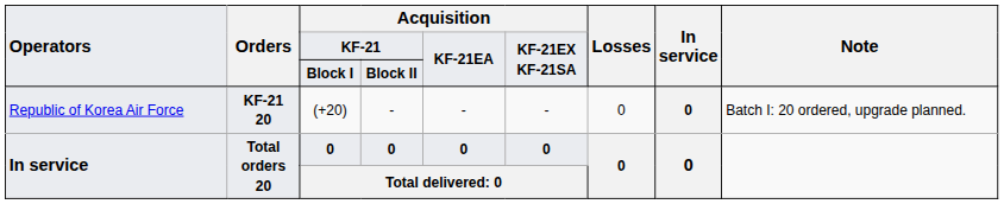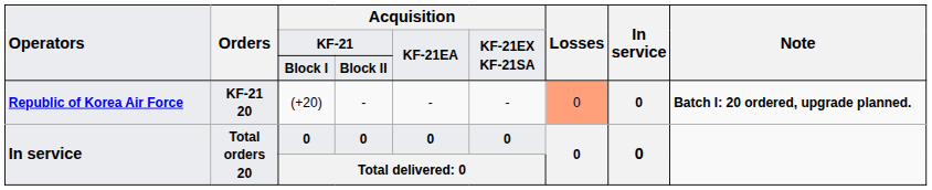 <table class="wikitable">
 <tr>
 <td rowspan="3" style="background:#EAECF0;width: 200px;border-left:solid 1px ;border-top:solid 1px ;border-bottom:solid 1px"><strong>Operators</strong></td>
 <th rowspan="3" style="width: 60px;border-right:solid 1px ;border-top:solid 1px ;border-bottom:solid 1px ">Orders</th>
 <th colspan="4" style="border-right:solid 1px ;border-top:solid 1px ">Acquisition</th>
 <th rowspan="3" style="width: 50px; border-right:solid 1px ;border-left:solid 1px ;border-top:solid 1px ;border-bottom:solid 1px ">Losses</th>
 <th rowspan="3" style="width: 50px; border-right:solid 1px ;border-top:solid 1px ;border-bottom:solid 1px ">In service</th>
 <th rowspan="3" style="width: 250px; border-right:solid 1px ;border-top:solid 1px ;border-bottom:solid 1px ">Note</th>
 </tr>
 <tr>
 <td ! colspan="2" align="center" style="width: 100px; background:#EAECF0;border-bottom:solid 1px"><strong><small>KF-21</small></strong></td>
 <td ! rowspan="2" align="center" style="width: 70px; background:#EAECF0;border-bottom:solid 1px"><strong><small>KF-21EA</small></strong></td>
 <td ! rowspan="2" align="center" style="width: 70px; background:#EAECF0;border-bottom:solid 1px"><strong><small>KF-21EX<br>KF-21SA</small></strong></td>
 </tr>
 <tr>
 <td align="center" style="width: 50px; background:#EAECF0;border-bottom:solid 1px"><strong><small>Block I</small></strong></td>
 <td align="center" style="width: 50px; background:#EAECF0;border-bottom:solid 1px"><strong><small>Block II</small></strong></td>
 </tr>
 <tr>
-<td style="background:#EAECF0;border-left:solid 1px "><small> <a href='#'>Republic of Korea Air Force</a></small></td>
+<td style="background:#EAECF0;border-left:solid 1px "><strong><small> <a href='#'>Republic of Korea Air Force</a></small></strong></td>
 <td align="center" style="background:#EAECF0;border-right:solid 1px "><strong><small>KF-21<br>20</small></strong></td>
 <td align="center"><small>(+20)</small></td>
 <td align="center"><small>-</small></td>
 <td align="center"><small>-</small></td>
 <td align="center"><small>-</small></td>
-<td align="center" style="border-left: solid 1px ;border-right: solid 1px "><small>0</small></td>
+<td align="center" style="background: lightsalmon; border-left: solid 1px ;border-right: solid 1px "><small>0</small></td>
 <th align="center" style="border-right:solid 1px "><small>0</small></th>
-<td style="border-right:solid 1px "><small>Batch I: 20 ordered, upgrade planned.</small></td>
+<td style="border-right:solid 1px "><strong><small>Batch I: 20 ordered, upgrade planned.</small></strong></td>
 </tr>
 <tr>
 <td rowspan="2" style="background:#EAECF0;border-left:solid 1px ;border-top:solid 1px ;border-bottom:solid 1px "><strong>In service</strong></td>
 <td align="center" rowspan="2" style="background:#EAECF0;border-right:solid 1px ;border-top:solid 1px ;border-bottom:solid 1px "><small><strong>Total orders<br>20</strong></small></td>
 <td align="center" style="background:#EAECF0;border-top:solid 1px "><small><strong>0</strong></small></td>
 <td align="center" style="background:#EAECF0;border-top:solid 1px "><small><strong>0</strong></small></td>
 <td align="center" style="background:#EAECF0;border-top:solid 1px "><small><strong>0</strong></small></td>
 <td align="center" style="background:#EAECF0;border-top:solid 1px "><small><strong>0</strong></small></td>
 <th rowspan="2" style="border-left:solid 1px ; border-right:solid 1px ;border-top:solid 1px ;border-bottom:solid 1px "><small>0</small></th>
 <th rowspan="2" style="border-right:solid 1px ;border-top:solid 1px ;border-bottom:solid 1px ">0</th>
 <td rowspan="2" style="border-right:solid 1px ;border-top:solid 1px ;border-bottom:solid 1px "><small> </small></td>
 </tr>
 <tr>
 <th colspan="4" style="border-bottom:solid 1px "><small>Total delivered: 0</small></th>
 </tr>
 </table>
